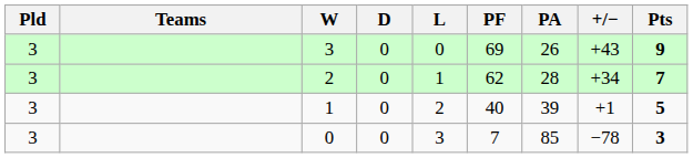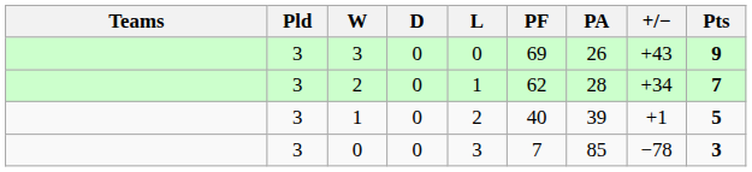 <table class="wikitable" style="text-align: center;">
 <tr>
+<th style="width:200px;">Teams</th>
 <th width="40">Pld</th>
-<th style="width:200px;">Teams</th>
 <th width="40">W</th>
 <th width="40">D</th>
 <th width="40">L</th>
 <th width="40">PF</th>
 <th width="40">PA</th>
 <th width="40">+/−</th>
 <th width="40">Pts</th>
 </tr>
 <tr style="background:#cfc;">
+<td align=left></td>
 <td>3</td>
-<td align=left></td>
 <td>3</td>
 <td>0</td>
 <td>0</td>
 <td>69</td>
 <td>26</td>
 <td>+43</td>
 <td><strong>9</strong></td>
 </tr>
 <tr style="background:#cfc;">
+<td align=left></td>
 <td>3</td>
-<td align=left></td>
 <td>2</td>
 <td>0</td>
 <td>1</td>
 <td>62</td>
 <td>28</td>
 <td>+34</td>
 <td><strong>7</strong></td>
 </tr>
 <tr>
+<td align=left></td>
 <td>3</td>
-<td align=left></td>
 <td>1</td>
 <td>0</td>
 <td>2</td>
 <td>40</td>
 <td>39</td>
 <td>+1</td>
 <td><strong>5</strong></td>
 </tr>
 <tr>
+<td align=left></td>
 <td>3</td>
-<td align=left></td>
 <td>0</td>
 <td>0</td>
 <td>3</td>
 <td>7</td>
 <td>85</td>
 <td>−78</td>
 <td><strong>3</strong></td>
 </tr>
 </table>
